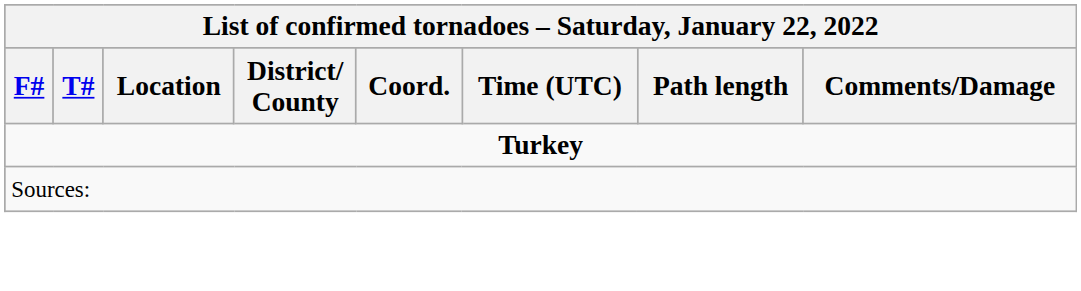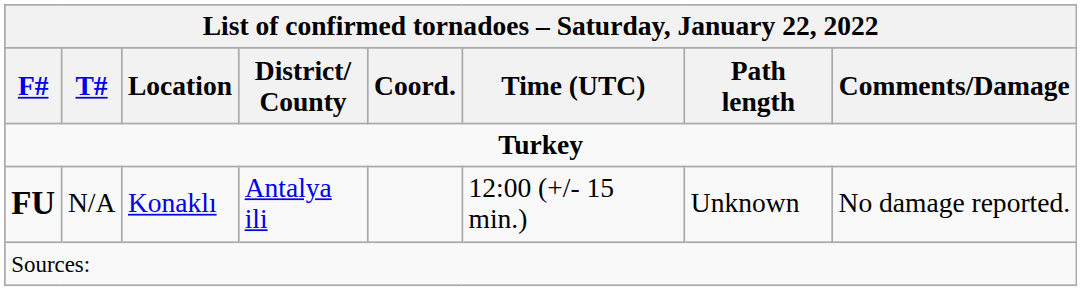 <table class="wikitable collapsible" width="100%">
 <tr>
 <th colspan="8">List of confirmed tornadoes – Saturday, January 22, 2022</th>
 </tr>
 <tr>
 <th><a href='#'>F#</a></th>
 <th><a href='#'>T#</a></th>
 <th>Location</th>
 <th>District/<br>County</th>
 <th>Coord.</th>
 <th>Time (UTC)</th>
 <th>Path length</th>
 <th>Comments/Damage</th>
 </tr>
 <tr>
 <td colspan="8" align=center><strong>Turkey</strong></td>
 </tr>
 <tr>
+<td><big><strong>FU</strong></big></td>
+<td>N/A</td>
+<td><a href='#'>Konaklı</a></td>
+<td><a href='#'>Antalya ili</a></td>
+<td></td>
+<td>12:00 (+/- 15 min.)</td>
+<td>Unknown</td>
+<td>No damage reported.</td>
+</tr>
+<tr>
 <td colspan="8"><small>Sources:  </small></td>
 </tr>
 </table>
